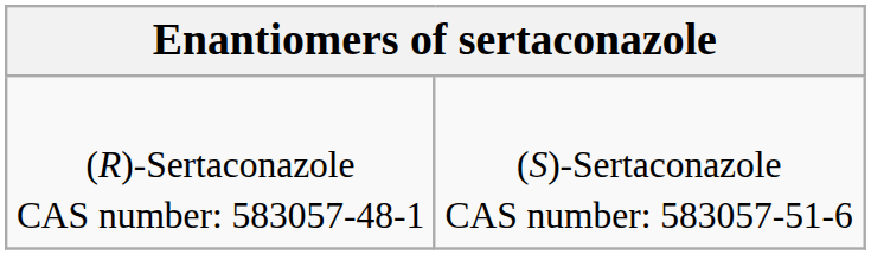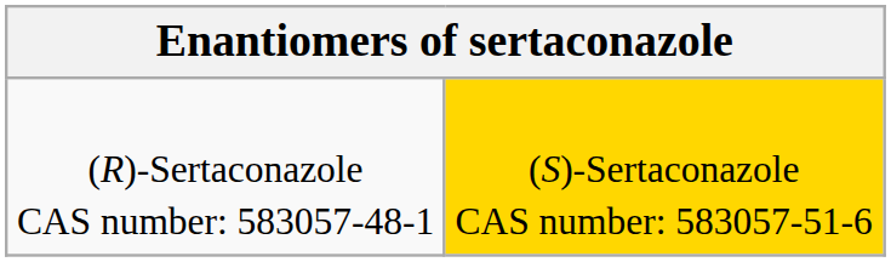 <table class="wikitable" style="text-align:center">
 <tr class="hintergrundfarbe6">
 <th colspan="2">Enantiomers of sertaconazole</th>
 </tr>
 <tr>
 <td><br><small>(<em>R</em>)-Sertaconazole<br>CAS number: 583057-48-1</small></td>
-<td><br><small>(<em>S</em>)-Sertaconazole<br>CAS number: 583057-51-6</small></td>
+<td style="background: gold;"><br><small>(<em>S</em>)-Sertaconazole<br>CAS number: 583057-51-6</small></td>
 </tr>
 </table>
